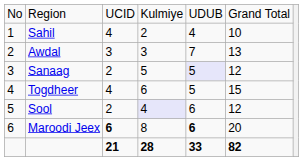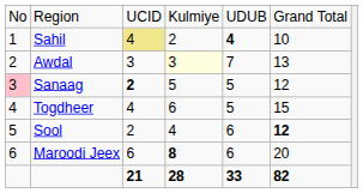 <table class="wikitable">
 <tr>
 <td>No</td>
 <td>Region</td>
 <td>UCID</td>
 <td>Kulmiye</td>
 <td>UDUB</td>
 <td>Grand Total</td>
 <th rowspan="8"></th>
 </tr>
 <tr>
 <td>1</td>
 <td><a href='#'>Sahil</a></td>
-<td>4</td>
+<td style="background: khaki;">4</td>
 <td>2</td>
-<td>4</td>
+<td><strong>4</strong></td>
 <td>10</td>
 </tr>
 <tr>
 <td>2</td>
 <td><a href='#'>Awdal</a></td>
 <td>3</td>
-<td>3</td>
+<td style="background: lightyellow;">3</td>
 <td>7</td>
 <td>13</td>
 </tr>
 <tr>
-<td>3</td>
+<td style="background: pink;">3</td>
 <td><a href='#'>Sanaag</a></td>
-<td>2</td>
+<td><strong>2</strong></td>
 <td>5</td>
-<td style="background: lavender;">5</td>
+<td>5</td>
 <td>12</td>
 </tr>
 <tr>
 <td>4</td>
 <td><a href='#'>Togdheer</a></td>
 <td>4</td>
 <td>6</td>
 <td>5</td>
 <td>15</td>
 </tr>
 <tr>
 <td>5</td>
 <td><a href='#'>Sool</a></td>
 <td>2</td>
-<td style="background: lavender;">4</td>
+<td>4</td>
 <td>6</td>
-<td>12</td>
+<td><strong>12</strong></td>
 </tr>
 <tr>
 <td>6</td>
 <td><a href='#'>Maroodi Jeex</a></td>
-<td><strong>6</strong></td>
-<td>8</td>
-<td><strong>6</strong></td>
+<td>6</td>
+<td><strong>8</strong></td>
+<td>6</td>
 <td>20</td>
 </tr>
 <tr>
 <td></td>
 <td></td>
 <td><strong>21</strong></td>
 <td><strong>28</strong></td>
 <td><strong>33</strong></td>
 <td><strong>82</strong></td>
 </tr>
 </table>
